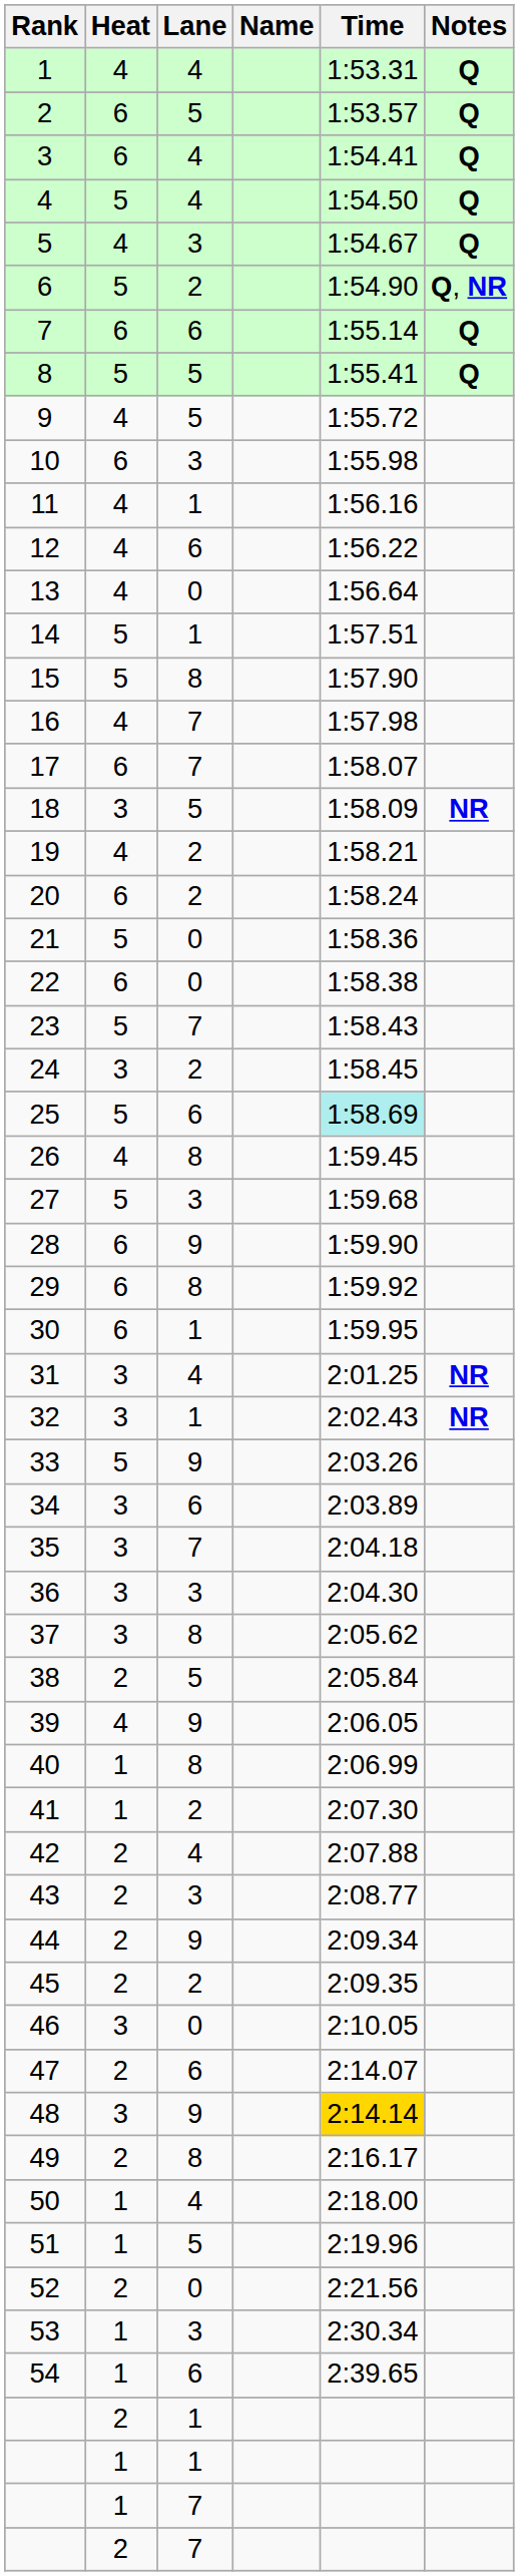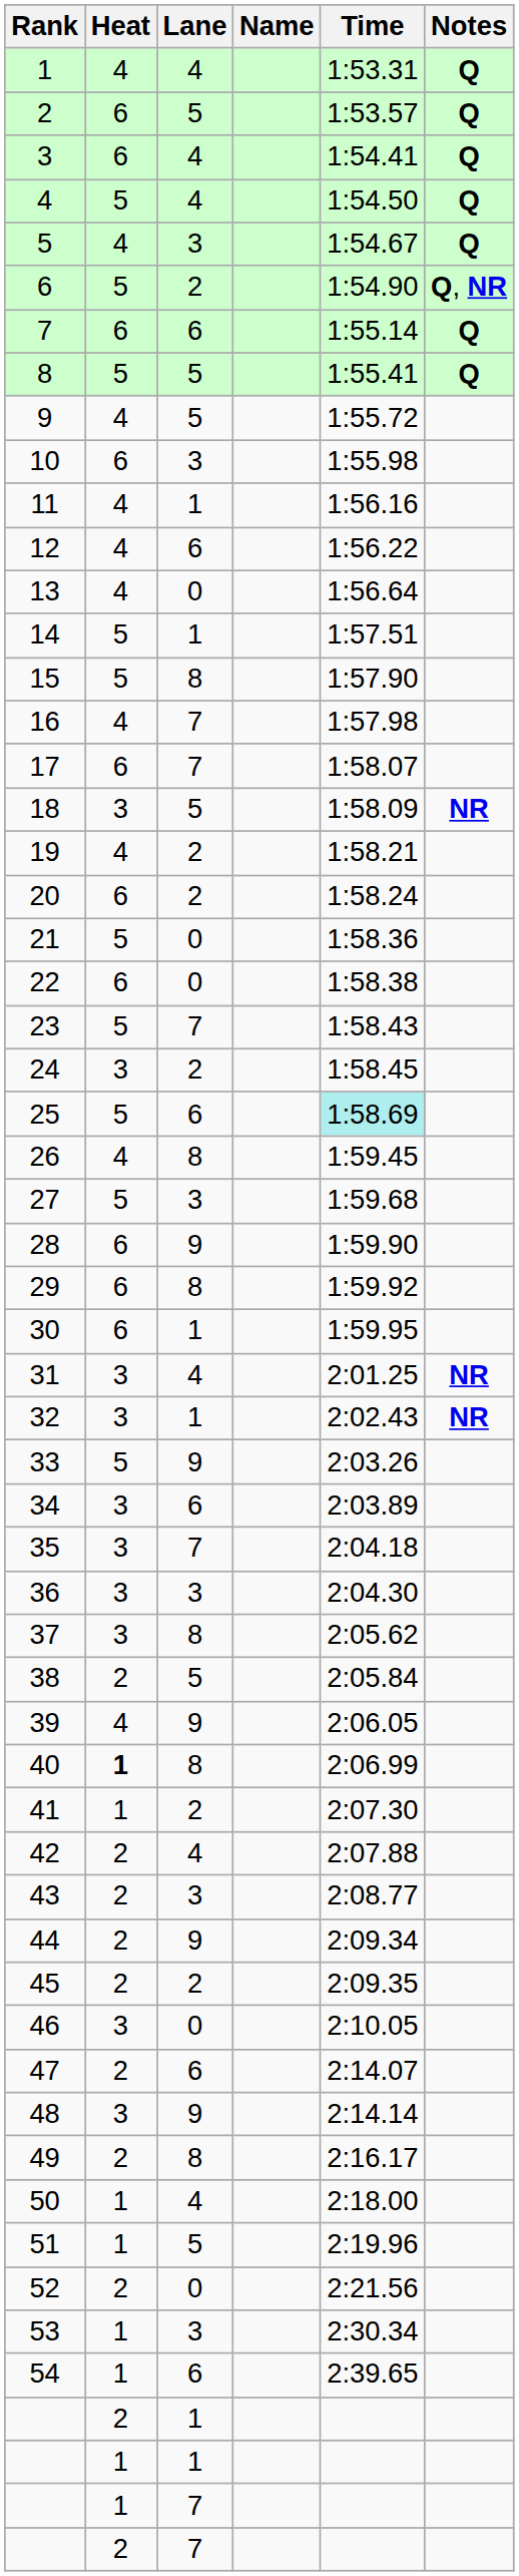 <table class="wikitable sortable" style="text-align:center">
 <tr>
 <th>Rank</th>
 <th>Heat</th>
 <th>Lane</th>
 <th>Name</th>
 <th>Time</th>
 <th>Notes</th>
 </tr>
 <tr bgcolor=ccffcc>
 <td>1</td>
 <td>4</td>
 <td>4</td>
 <td align=left></td>
 <td>1:53.31</td>
 <td><strong>Q</strong></td>
 </tr>
 <tr bgcolor=ccffcc>
 <td>2</td>
 <td>6</td>
 <td>5</td>
 <td align=left></td>
 <td>1:53.57</td>
 <td><strong>Q</strong></td>
 </tr>
 <tr bgcolor=ccffcc>
 <td>3</td>
 <td>6</td>
 <td>4</td>
 <td align=left></td>
 <td>1:54.41</td>
 <td><strong>Q</strong></td>
 </tr>
 <tr bgcolor=ccffcc>
 <td>4</td>
 <td>5</td>
 <td>4</td>
 <td align=left></td>
 <td>1:54.50</td>
 <td><strong>Q</strong></td>
 </tr>
 <tr bgcolor=ccffcc>
 <td>5</td>
 <td>4</td>
 <td>3</td>
 <td align=left></td>
 <td>1:54.67</td>
 <td><strong>Q</strong></td>
 </tr>
 <tr bgcolor=ccffcc>
 <td>6</td>
 <td>5</td>
 <td>2</td>
 <td align=left></td>
 <td>1:54.90</td>
 <td><strong>Q</strong>, <strong><a href='#'>NR</a></strong></td>
 </tr>
 <tr bgcolor=ccffcc>
 <td>7</td>
 <td>6</td>
 <td>6</td>
 <td align=left></td>
 <td>1:55.14</td>
 <td><strong>Q</strong></td>
 </tr>
 <tr bgcolor=ccffcc>
 <td>8</td>
 <td>5</td>
 <td>5</td>
 <td align=left></td>
 <td>1:55.41</td>
 <td><strong>Q</strong></td>
 </tr>
 <tr>
 <td>9</td>
 <td>4</td>
 <td>5</td>
 <td align=left></td>
 <td>1:55.72</td>
 <td></td>
 </tr>
 <tr>
 <td>10</td>
 <td>6</td>
 <td>3</td>
 <td align=left></td>
 <td>1:55.98</td>
 <td></td>
 </tr>
 <tr>
 <td>11</td>
 <td>4</td>
 <td>1</td>
 <td align=left></td>
 <td>1:56.16</td>
 <td></td>
 </tr>
 <tr>
 <td>12</td>
 <td>4</td>
 <td>6</td>
 <td align=left></td>
 <td>1:56.22</td>
 <td></td>
 </tr>
 <tr>
 <td>13</td>
 <td>4</td>
 <td>0</td>
 <td align=left></td>
 <td>1:56.64</td>
 <td></td>
 </tr>
 <tr>
 <td>14</td>
 <td>5</td>
 <td>1</td>
 <td align=left></td>
 <td>1:57.51</td>
 <td></td>
 </tr>
 <tr>
 <td>15</td>
 <td>5</td>
 <td>8</td>
 <td align=left></td>
 <td>1:57.90</td>
 <td></td>
 </tr>
 <tr>
 <td>16</td>
 <td>4</td>
 <td>7</td>
 <td align=left></td>
 <td>1:57.98</td>
 <td></td>
 </tr>
 <tr>
 <td>17</td>
 <td>6</td>
 <td>7</td>
 <td align=left></td>
 <td>1:58.07</td>
 <td></td>
 </tr>
 <tr>
 <td>18</td>
 <td>3</td>
 <td>5</td>
 <td align=left></td>
 <td>1:58.09</td>
 <td><strong><a href='#'>NR</a></strong></td>
 </tr>
 <tr>
 <td>19</td>
 <td>4</td>
 <td>2</td>
 <td align=left></td>
 <td>1:58.21</td>
 <td></td>
 </tr>
 <tr>
 <td>20</td>
 <td>6</td>
 <td>2</td>
 <td align=left></td>
 <td>1:58.24</td>
 <td></td>
 </tr>
 <tr>
 <td>21</td>
 <td>5</td>
 <td>0</td>
 <td align=left></td>
 <td>1:58.36</td>
 <td></td>
 </tr>
 <tr>
 <td>22</td>
 <td>6</td>
 <td>0</td>
 <td align=left></td>
 <td>1:58.38</td>
 <td></td>
 </tr>
 <tr>
 <td>23</td>
 <td>5</td>
 <td>7</td>
 <td align=left></td>
 <td>1:58.43</td>
 <td></td>
 </tr>
 <tr>
 <td>24</td>
 <td>3</td>
 <td>2</td>
 <td align=left></td>
 <td>1:58.45</td>
 <td></td>
 </tr>
 <tr>
 <td>25</td>
 <td>5</td>
 <td>6</td>
 <td align=left></td>
 <td style="background: paleturquoise;">1:58.69</td>
 <td></td>
 </tr>
 <tr>
 <td>26</td>
 <td>4</td>
 <td>8</td>
 <td align=left></td>
 <td>1:59.45</td>
 <td></td>
 </tr>
 <tr>
 <td>27</td>
 <td>5</td>
 <td>3</td>
 <td align=left></td>
 <td>1:59.68</td>
 <td></td>
 </tr>
 <tr>
 <td>28</td>
 <td>6</td>
 <td>9</td>
 <td align=left></td>
 <td>1:59.90</td>
 <td></td>
 </tr>
 <tr>
 <td>29</td>
 <td>6</td>
 <td>8</td>
 <td align=left></td>
 <td>1:59.92</td>
 <td></td>
 </tr>
 <tr>
 <td>30</td>
 <td>6</td>
 <td>1</td>
 <td align=left></td>
 <td>1:59.95</td>
 <td></td>
 </tr>
 <tr>
 <td>31</td>
 <td>3</td>
 <td>4</td>
 <td align=left></td>
 <td>2:01.25</td>
 <td><strong><a href='#'>NR</a></strong></td>
 </tr>
 <tr>
 <td>32</td>
 <td>3</td>
 <td>1</td>
 <td align=left></td>
 <td>2:02.43</td>
 <td><strong><a href='#'>NR</a></strong></td>
 </tr>
 <tr>
 <td>33</td>
 <td>5</td>
 <td>9</td>
 <td align=left></td>
 <td>2:03.26</td>
 <td></td>
 </tr>
 <tr>
 <td>34</td>
 <td>3</td>
 <td>6</td>
 <td align=left></td>
 <td>2:03.89</td>
 <td></td>
 </tr>
 <tr>
 <td>35</td>
 <td>3</td>
 <td>7</td>
 <td align=left></td>
 <td>2:04.18</td>
 <td></td>
 </tr>
 <tr>
 <td>36</td>
 <td>3</td>
 <td>3</td>
 <td align=left></td>
 <td>2:04.30</td>
 <td></td>
 </tr>
 <tr>
 <td>37</td>
 <td>3</td>
 <td>8</td>
 <td align=left></td>
 <td>2:05.62</td>
 <td></td>
 </tr>
 <tr>
 <td>38</td>
 <td>2</td>
 <td>5</td>
 <td align=left></td>
 <td>2:05.84</td>
 <td></td>
 </tr>
 <tr>
 <td>39</td>
 <td>4</td>
 <td>9</td>
 <td align=left></td>
 <td>2:06.05</td>
 <td></td>
 </tr>
 <tr>
 <td>40</td>
-<td>1</td>
+<td><strong>1</strong></td>
 <td>8</td>
 <td align=left></td>
 <td>2:06.99</td>
 <td></td>
 </tr>
 <tr>
 <td>41</td>
 <td>1</td>
 <td>2</td>
 <td align=left></td>
 <td>2:07.30</td>
 <td></td>
 </tr>
 <tr>
 <td>42</td>
 <td>2</td>
 <td>4</td>
 <td align=left></td>
 <td>2:07.88</td>
 <td></td>
 </tr>
 <tr>
 <td>43</td>
 <td>2</td>
 <td>3</td>
 <td align=left></td>
 <td>2:08.77</td>
 <td></td>
 </tr>
 <tr>
 <td>44</td>
 <td>2</td>
 <td>9</td>
 <td align=left></td>
 <td>2:09.34</td>
 <td></td>
 </tr>
 <tr>
 <td>45</td>
 <td>2</td>
 <td>2</td>
 <td align=left></td>
 <td>2:09.35</td>
 <td></td>
 </tr>
 <tr>
 <td>46</td>
 <td>3</td>
 <td>0</td>
 <td align=left></td>
 <td>2:10.05</td>
 <td></td>
 </tr>
 <tr>
 <td>47</td>
 <td>2</td>
 <td>6</td>
 <td align=left></td>
 <td>2:14.07</td>
 <td></td>
 </tr>
 <tr>
 <td>48</td>
 <td>3</td>
 <td>9</td>
 <td align=left></td>
-<td style="background: gold;">2:14.14</td>
+<td>2:14.14</td>
 <td></td>
 </tr>
 <tr>
 <td>49</td>
 <td>2</td>
 <td>8</td>
 <td align=left></td>
 <td>2:16.17</td>
 <td></td>
 </tr>
 <tr>
 <td>50</td>
 <td>1</td>
 <td>4</td>
 <td align=left></td>
 <td>2:18.00</td>
 <td></td>
 </tr>
 <tr>
 <td>51</td>
 <td>1</td>
 <td>5</td>
 <td align=left></td>
 <td>2:19.96</td>
 <td></td>
 </tr>
 <tr>
 <td>52</td>
 <td>2</td>
 <td>0</td>
 <td align=left></td>
 <td>2:21.56</td>
 <td></td>
 </tr>
 <tr>
 <td>53</td>
 <td>1</td>
 <td>3</td>
 <td align=left></td>
 <td>2:30.34</td>
 <td></td>
 </tr>
 <tr>
 <td>54</td>
 <td>1</td>
 <td>6</td>
 <td align=left></td>
 <td>2:39.65</td>
 <td></td>
 </tr>
 <tr>
 <td></td>
 <td>2</td>
 <td>1</td>
 <td align=left></td>
 <td></td>
 <td></td>
 </tr>
 <tr>
 <td></td>
 <td>1</td>
 <td>1</td>
 <td align=left></td>
 <td></td>
 <td></td>
 </tr>
 <tr>
 <td></td>
 <td>1</td>
 <td>7</td>
 <td align=left></td>
 <td></td>
 <td></td>
 </tr>
 <tr>
 <td></td>
 <td>2</td>
 <td>7</td>
 <td align=left></td>
 <td></td>
 <td></td>
 </tr>
 </table>
